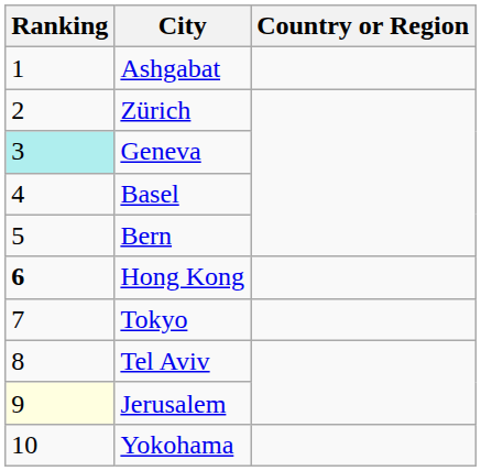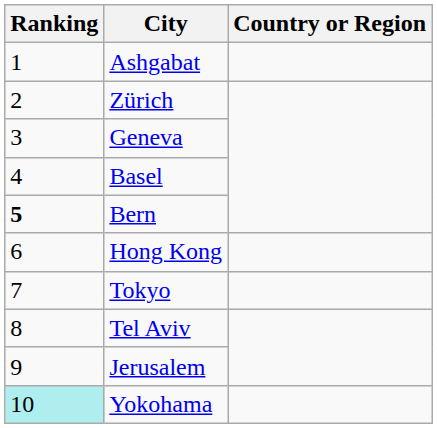 <table class="wikitable sortable">
 <tr>
 <th scope="col">Ranking</th>
 <th scope="col">City</th>
 <th scope="col">Country or Region</th>
 </tr>
 <tr>
 <td>1</td>
 <td><a href='#'>Ashgabat</a></td>
 <td></td>
 </tr>
 <tr>
 <td>2</td>
 <td><a href='#'>Zürich</a></td>
 <td rowspan="4"></td>
 </tr>
 <tr>
-<td style="background: paleturquoise;">3</td>
+<td>3</td>
 <td><a href='#'>Geneva</a></td>
 </tr>
 <tr>
 <td>4</td>
 <td><a href='#'>Basel</a></td>
 </tr>
 <tr>
-<td>5</td>
+<td><strong>5</strong></td>
 <td><a href='#'>Bern</a></td>
 </tr>
 <tr>
-<td><strong>6</strong></td>
+<td>6</td>
 <td><a href='#'>Hong Kong</a></td>
 <td></td>
 </tr>
 <tr>
 <td>7</td>
 <td><a href='#'>Tokyo</a></td>
 <td></td>
 </tr>
 <tr>
 <td>8</td>
 <td><a href='#'>Tel Aviv</a></td>
 <td rowspan="2"></td>
 </tr>
 <tr>
-<td style="background: lightyellow;">9</td>
+<td>9</td>
 <td><a href='#'>Jerusalem</a></td>
 </tr>
 <tr>
-<td>10</td>
+<td style="background: paleturquoise;">10</td>
 <td><a href='#'>Yokohama</a></td>
 <td></td>
 </tr>
 </table>
